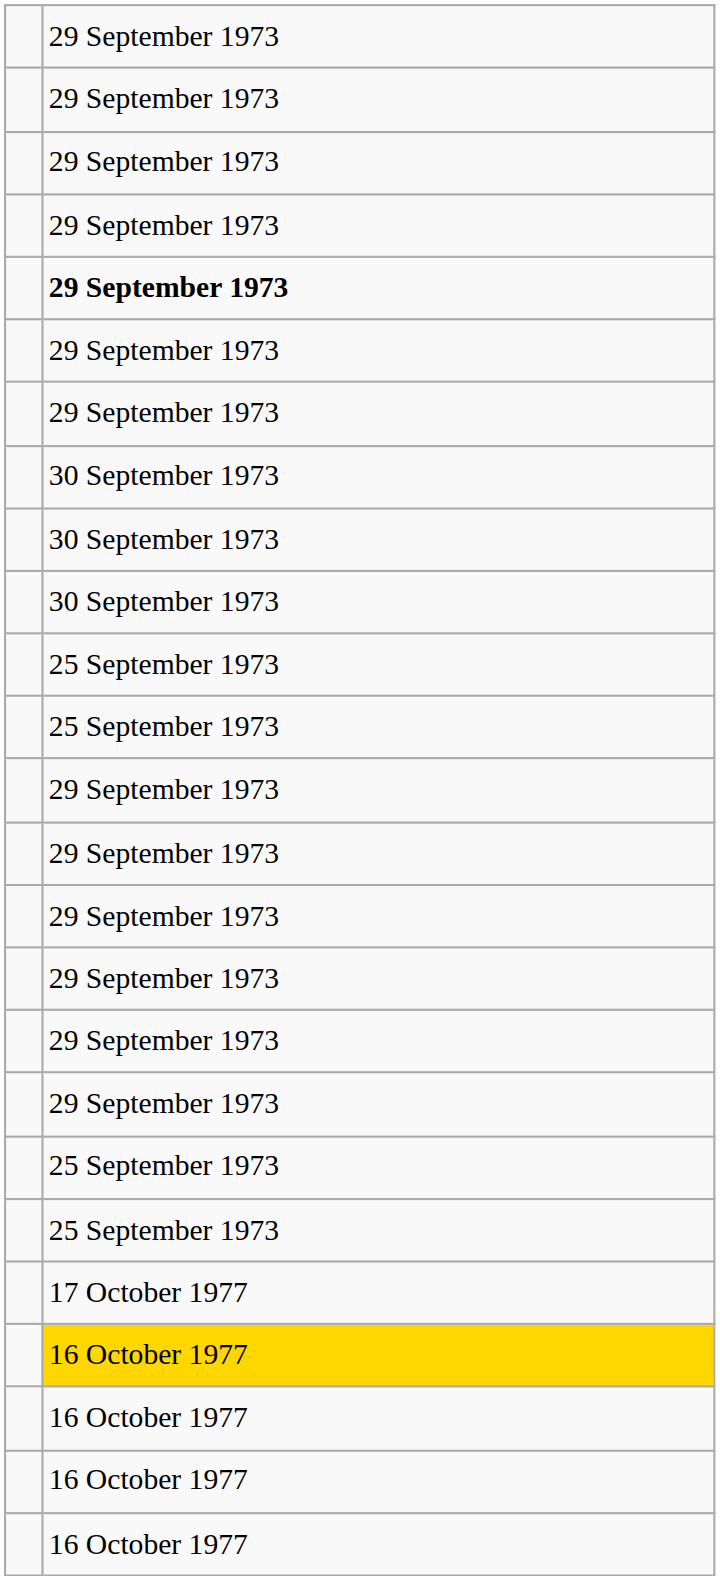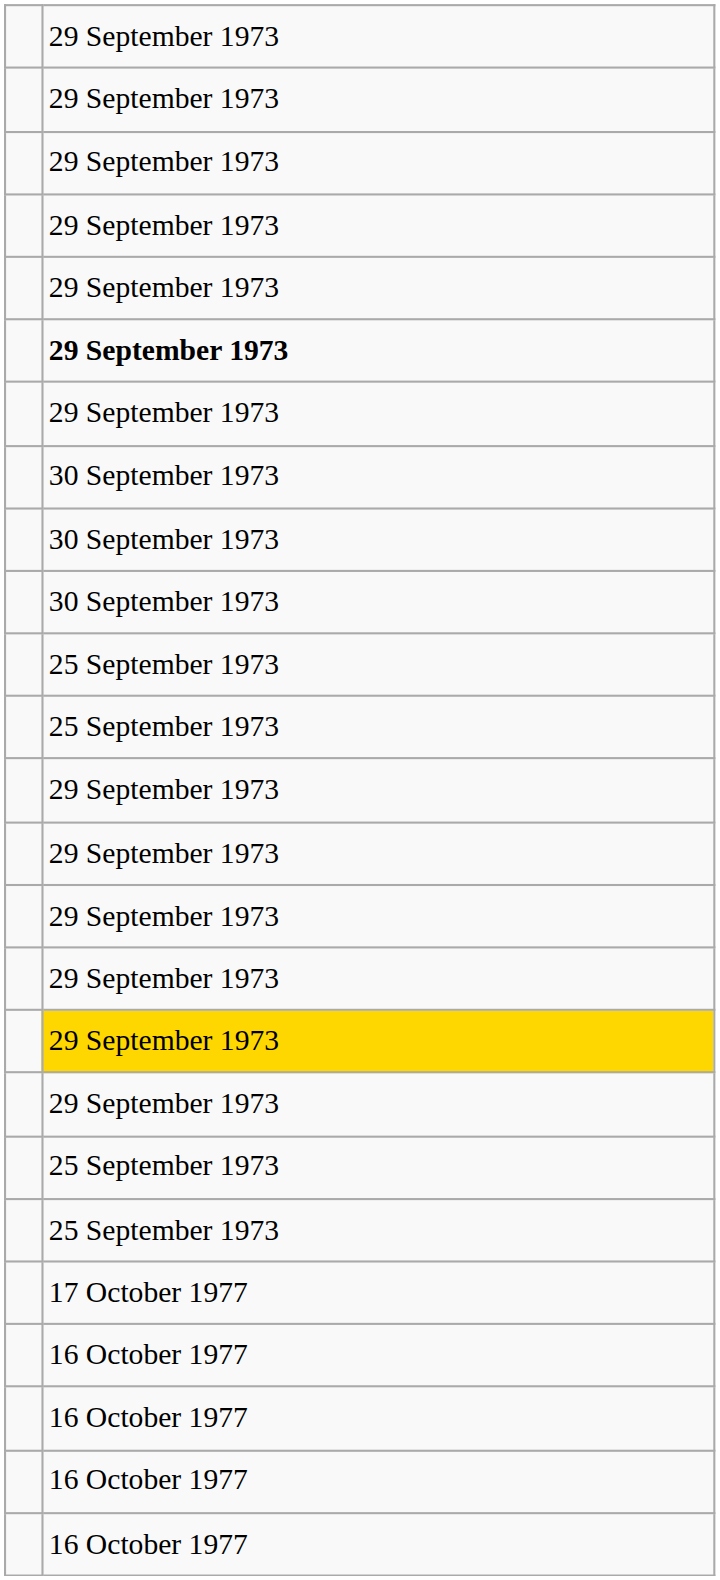 <table class="wikitable" style="font-size: 89%; float: left; width: 24em; margin-right: 1em; line-height: 1.65em">
 <tr>
 <td></td>
 <td>29 September 1973</td>
 </tr>
 <tr>
 <td></td>
 <td>29 September 1973</td>
 </tr>
 <tr>
 <td></td>
 <td>29 September 1973</td>
 </tr>
 <tr>
 <td></td>
 <td>29 September 1973</td>
 </tr>
 <tr>
 <td></td>
-<td><strong>29 September 1973</strong></td>
+<td>29 September 1973</td>
 </tr>
 <tr>
 <td></td>
-<td>29 September 1973</td>
+<td><strong>29 September 1973</strong></td>
 </tr>
 <tr>
 <td></td>
 <td>29 September 1973</td>
 </tr>
 <tr>
 <td></td>
 <td>30 September 1973</td>
 </tr>
 <tr>
 <td></td>
 <td>30 September 1973</td>
 </tr>
 <tr>
 <td></td>
 <td>30 September 1973</td>
 </tr>
 <tr>
 <td></td>
 <td>25 September 1973</td>
 </tr>
 <tr>
 <td></td>
 <td>25 September 1973</td>
 </tr>
 <tr>
 <td></td>
 <td>29 September 1973</td>
 </tr>
 <tr>
 <td></td>
 <td>29 September 1973</td>
 </tr>
 <tr>
 <td></td>
 <td>29 September 1973</td>
 </tr>
 <tr>
 <td></td>
 <td>29 September 1973</td>
 </tr>
 <tr>
 <td></td>
-<td>29 September 1973</td>
+<td style="background: gold;">29 September 1973</td>
 </tr>
 <tr>
 <td></td>
 <td>29 September 1973</td>
 </tr>
 <tr>
 <td></td>
 <td>25 September 1973</td>
 </tr>
 <tr>
 <td></td>
 <td>25 September 1973</td>
 </tr>
 <tr>
 <td></td>
 <td>17 October 1977</td>
 </tr>
 <tr>
 <td></td>
-<td style="background: gold;">16 October 1977</td>
+<td>16 October 1977</td>
 </tr>
 <tr>
 <td></td>
 <td>16 October 1977</td>
 </tr>
 <tr>
 <td></td>
 <td>16 October 1977</td>
 </tr>
 <tr>
 <td></td>
 <td>16 October 1977</td>
 </tr>
 </table>
